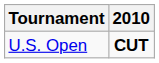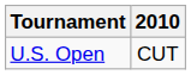 <table class="wikitable" style="font-size:95%;text-align:center;">
 <tr>
 <th>Tournament</th>
 <th>2010</th>
 </tr>
 <tr>
 <td align=left><a href='#'>U.S. Open</a></td>
-<td><strong>CUT</strong></td>
+<td>CUT</td>
 </tr>
 </table>
